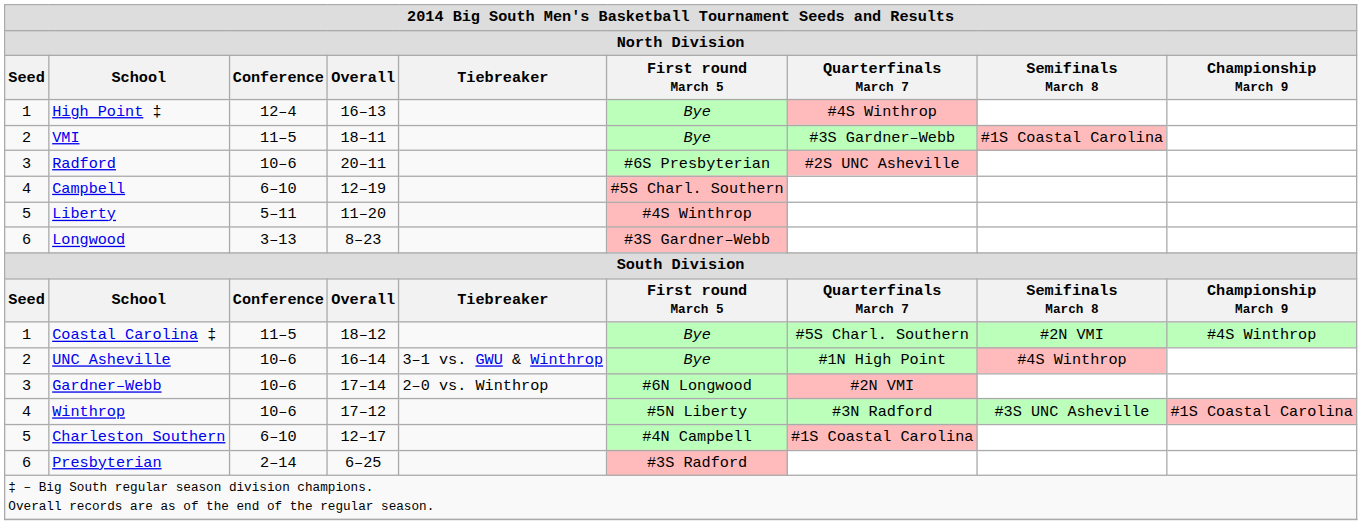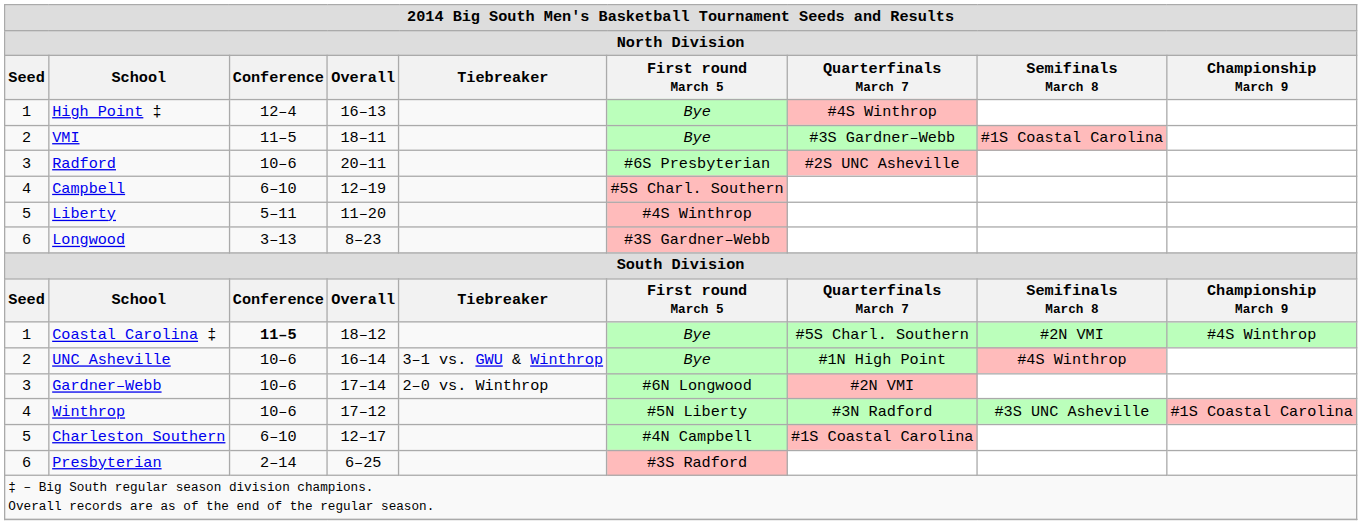 <table class="wikitable" style="white-space:nowrap; font-size:90%;text-align:center">
 <tr>
 <td colspan="9" style="background:#DDDDDD; font:#000000"><strong>2014 Big South Men's Basketball Tournament Seeds and Results</strong></td>
 </tr>
 <tr>
 <td colspan="9" style="background:#DDDDDD; font:#000000"><strong>North Division</strong></td>
 </tr>
 <tr>
 <th>Seed</th>
 <th>School</th>
 <th>Conference</th>
 <th>Overall</th>
 <th>Tiebreaker</th>
 <th>First round<br><small>March 5</small></th>
 <th>Quarterfinals<br><small>March 7</small></th>
 <th>Semifinals<br><small>March 8</small></th>
 <th>Championship<br><small>March 9</small></th>
 </tr>
 <tr>
 <td>1</td>
 <td align=left><a href='#'>High Point</a> ‡</td>
 <td>12–4</td>
 <td>16–13</td>
 <td></td>
 <td style="background:#bfb;"><em>Bye</em></td>
 <td style="background:#fbb;">#4S Winthrop</td>
 <td style="background:#fff;"></td>
 <td style="background:#fff;"></td>
 </tr>
 <tr>
 <td>2</td>
 <td align=left><a href='#'>VMI</a></td>
 <td>11–5</td>
 <td>18–11</td>
 <td></td>
 <td style="background:#bfb;"><em>Bye</em></td>
 <td style="background:#bfb;">#3S Gardner–Webb</td>
 <td style="background:#fbb;">#1S Coastal Carolina</td>
 <td style="background:#fff;"></td>
 </tr>
 <tr>
 <td>3</td>
 <td align=left><a href='#'>Radford</a></td>
 <td>10–6</td>
 <td>20–11</td>
 <td></td>
 <td style="background:#bfb;">#6S Presbyterian</td>
 <td style="background:#fbb;">#2S UNC Asheville</td>
 <td style="background:#fff;"></td>
 <td style="background:#fff;"></td>
 </tr>
 <tr>
 <td>4</td>
 <td align=left><a href='#'>Campbell</a></td>
 <td>6–10</td>
 <td>12–19</td>
 <td></td>
 <td style="background:#fbb;">#5S Charl. Southern</td>
 <td style="background:#fff;"></td>
 <td style="background:#fff;"></td>
 <td style="background:#fff;"></td>
 </tr>
 <tr>
 <td>5</td>
 <td align=left><a href='#'>Liberty</a></td>
 <td>5–11</td>
 <td>11–20</td>
 <td></td>
 <td style="background:#fbb;">#4S Winthrop</td>
 <td style="background:#fff;"></td>
 <td style="background:#fff;"></td>
 <td style="background:#fff;"></td>
 </tr>
 <tr>
 <td>6</td>
 <td align=left><a href='#'>Longwood</a></td>
 <td>3–13</td>
 <td>8–23</td>
 <td></td>
 <td style="background:#fbb;">#3S Gardner–Webb</td>
 <td style="background:#fff;"></td>
 <td style="background:#fff;"></td>
 <td style="background:#fff;"></td>
 </tr>
 <tr>
 <td colspan="9" style="text-align:center; background:#DDDDDD; font:#000000"><strong>South Division</strong></td>
 </tr>
 <tr>
 <th>Seed</th>
 <th>School</th>
 <th>Conference</th>
 <th>Overall</th>
 <th>Tiebreaker</th>
 <th>First round<br><small>March 5</small></th>
 <th>Quarterfinals<br><small>March 7</small></th>
 <th>Semifinals<br><small>March 8</small></th>
 <th>Championship<br><small>March 9</small></th>
 </tr>
 <tr>
 <td>1</td>
 <td align=left><a href='#'>Coastal Carolina</a> ‡</td>
-<td>11–5</td>
+<td><strong>11–5</strong></td>
 <td>18–12</td>
 <td></td>
 <td style="background:#bfb;"><em>Bye</em></td>
 <td style="background:#bfb;">#5S Charl. Southern</td>
 <td style="background:#bfb;">#2N VMI</td>
 <td style="background:#bfb;">#4S Winthrop</td>
 </tr>
 <tr>
 <td>2</td>
 <td align=left><a href='#'>UNC Asheville</a></td>
 <td>10–6</td>
 <td>16–14</td>
 <td align=left>3–1 vs. <a href='#'>GWU</a> & <a href='#'>Winthrop</a></td>
 <td style="background:#bfb;"><em>Bye</em></td>
 <td style="background:#bfb;">#1N High Point</td>
 <td style="background:#fbb;">#4S Winthrop</td>
 <td style="background:#fff;"></td>
 </tr>
 <tr>
 <td>3</td>
 <td align=left><a href='#'>Gardner–Webb</a></td>
 <td>10–6</td>
 <td>17–14</td>
 <td align=left>2–0 vs. Winthrop</td>
 <td style="background:#bfb;">#6N Longwood</td>
 <td style="background:#fbb;">#2N VMI</td>
 <td style="background:#fff;"></td>
 <td style="background:#fff;"></td>
 </tr>
 <tr>
 <td>4</td>
 <td align=left><a href='#'>Winthrop</a></td>
 <td>10–6</td>
 <td>17–12</td>
 <td></td>
 <td style="background:#bfb;">#5N Liberty</td>
 <td style="background:#bfb;">#3N Radford</td>
 <td style="background:#bfb;">#3S UNC Asheville</td>
 <td style="background:#fbb;">#1S Coastal Carolina</td>
 </tr>
 <tr>
 <td>5</td>
 <td align=left><a href='#'>Charleston Southern</a></td>
 <td>6–10</td>
 <td>12–17</td>
 <td></td>
 <td style="background:#bfb;">#4N Campbell</td>
 <td style="background:#fbb;">#1S Coastal Carolina</td>
 <td style="background:#fff;"></td>
 <td style="background:#fff;"></td>
 </tr>
 <tr>
 <td>6</td>
 <td align=left><a href='#'>Presbyterian</a></td>
 <td>2–14</td>
 <td>6–25</td>
 <td></td>
 <td style="background:#fbb;">#3S Radford</td>
 <td style="background:#fff;"></td>
 <td style="background:#fff;"></td>
 <td style="background:#fff;"></td>
 </tr>
 <tr>
 <td colspan="9" align=left><small>‡ – Big South regular season division champions.<br>Overall records are as of the end of the regular season.</small></td>
 </tr>
 <tr>
 </tr>
 </table>
